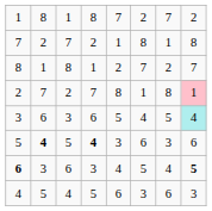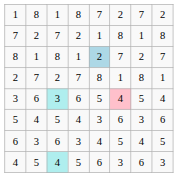 <table class="wikitable" style="margin-left:auto;margin-right:auto;text-align:center;width:16em;height:16em;table-layout:fixed;">
 <tr>
 <td>1</td>
 <td>8</td>
 <td>1</td>
 <td>8</td>
 <td>7</td>
 <td>2</td>
 <td>7</td>
 <td>2</td>
 </tr>
 <tr>
 <td>7</td>
 <td>2</td>
 <td>7</td>
 <td>2</td>
 <td>1</td>
 <td>8</td>
 <td>1</td>
 <td>8</td>
 </tr>
 <tr>
 <td>8</td>
 <td>1</td>
 <td>8</td>
 <td>1</td>
-<td>2</td>
+<td style="background: lightblue;">2</td>
 <td>7</td>
 <td>2</td>
 <td>7</td>
 </tr>
 <tr>
 <td>2</td>
 <td>7</td>
 <td>2</td>
 <td>7</td>
 <td>8</td>
 <td>1</td>
 <td>8</td>
-<td style="background: pink;">1</td>
+<td>1</td>
 </tr>
 <tr>
 <td>3</td>
 <td>6</td>
-<td>3</td>
+<td style="background: paleturquoise;">3</td>
 <td>6</td>
+<td>5</td>
+<td style="background: pink;">4</td>
+<td>5</td>
+<td>4</td>
+</tr>
+<tr>
 <td>5</td>
 <td>4</td>
 <td>5</td>
-<td style="background: paleturquoise;">4</td>
-</tr>
-<tr>
-<td>5</td>
-<td><strong>4</strong></td>
-<td>5</td>
-<td><strong>4</strong></td>
+<td>4</td>
 <td>3</td>
 <td>6</td>
 <td>3</td>
 <td>6</td>
 </tr>
 <tr>
-<td><strong>6</strong></td>
+<td>6</td>
 <td>3</td>
 <td>6</td>
 <td>3</td>
 <td>4</td>
 <td>5</td>
 <td>4</td>
-<td><strong>5</strong></td>
+<td>5</td>
 </tr>
 <tr>
 <td>4</td>
 <td>5</td>
-<td>4</td>
+<td style="background: paleturquoise;">4</td>
 <td>5</td>
 <td>6</td>
 <td>3</td>
 <td>6</td>
 <td>3</td>
 </tr>
 </table>
